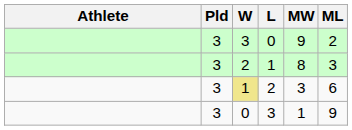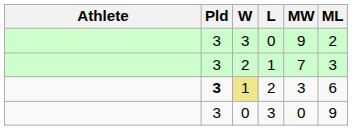 <table class="wikitable" style="text-align:center">
 <tr>
 <th width=200>Athlete</th>
 <th width=20>Pld</th>
 <th width=20>W</th>
 <th width=20>L</th>
 <th width=20>MW</th>
 <th width=20>ML</th>
 </tr>
 <tr bgcolor="ccffcc">
 <td style="text-align:left"></td>
 <td>3</td>
 <td>3</td>
 <td>0</td>
 <td>9</td>
 <td>2</td>
 </tr>
 <tr bgcolor="ccffcc">
 <td style="text-align:left"></td>
 <td>3</td>
 <td>2</td>
 <td>1</td>
-<td>8</td>
+<td>7</td>
 <td>3</td>
 </tr>
 <tr>
 <td style="text-align:left"></td>
-<td>3</td>
+<td><strong>3</strong></td>
 <td style="background: khaki;">1</td>
 <td>2</td>
 <td>3</td>
 <td>6</td>
 </tr>
 <tr>
 <td style="text-align:left"></td>
 <td>3</td>
 <td>0</td>
 <td>3</td>
-<td>1</td>
+<td>0</td>
 <td>9</td>
 </tr>
 </table>
